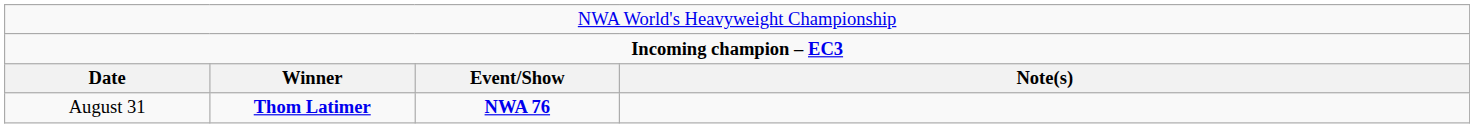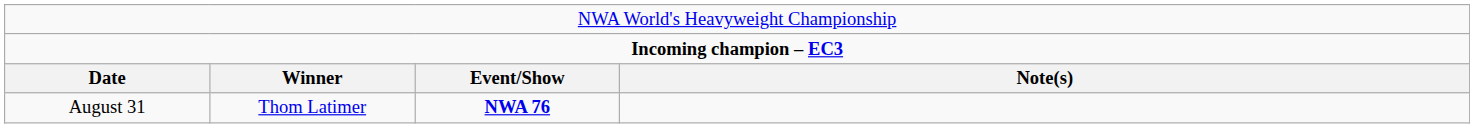 <table class="wikitable" style="text-align:center; width:100%;">
 <tr>
 <td colspan="4" style="text-align: center;"><a href='#'>NWA World's Heavyweight Championship</a></td>
 </tr>
 <tr>
 <td colspan="4" style="text-align: center;"><strong>Incoming champion – <a href='#'>EC3</a></strong></td>
 </tr>
 <tr>
 <th width=14%>Date</th>
 <th width=14%>Winner</th>
 <th width=14%>Event/Show</th>
 <th width=58%>Note(s)</th>
 </tr>
 <tr>
 <td>August 31<br></td>
-<td><strong><a href='#'>Thom Latimer</a></strong></td>
+<td><a href='#'>Thom Latimer</a></td>
 <td><strong><a href='#'>NWA 76</a></strong></td>
 <td></td>
 </tr>
 </table>
